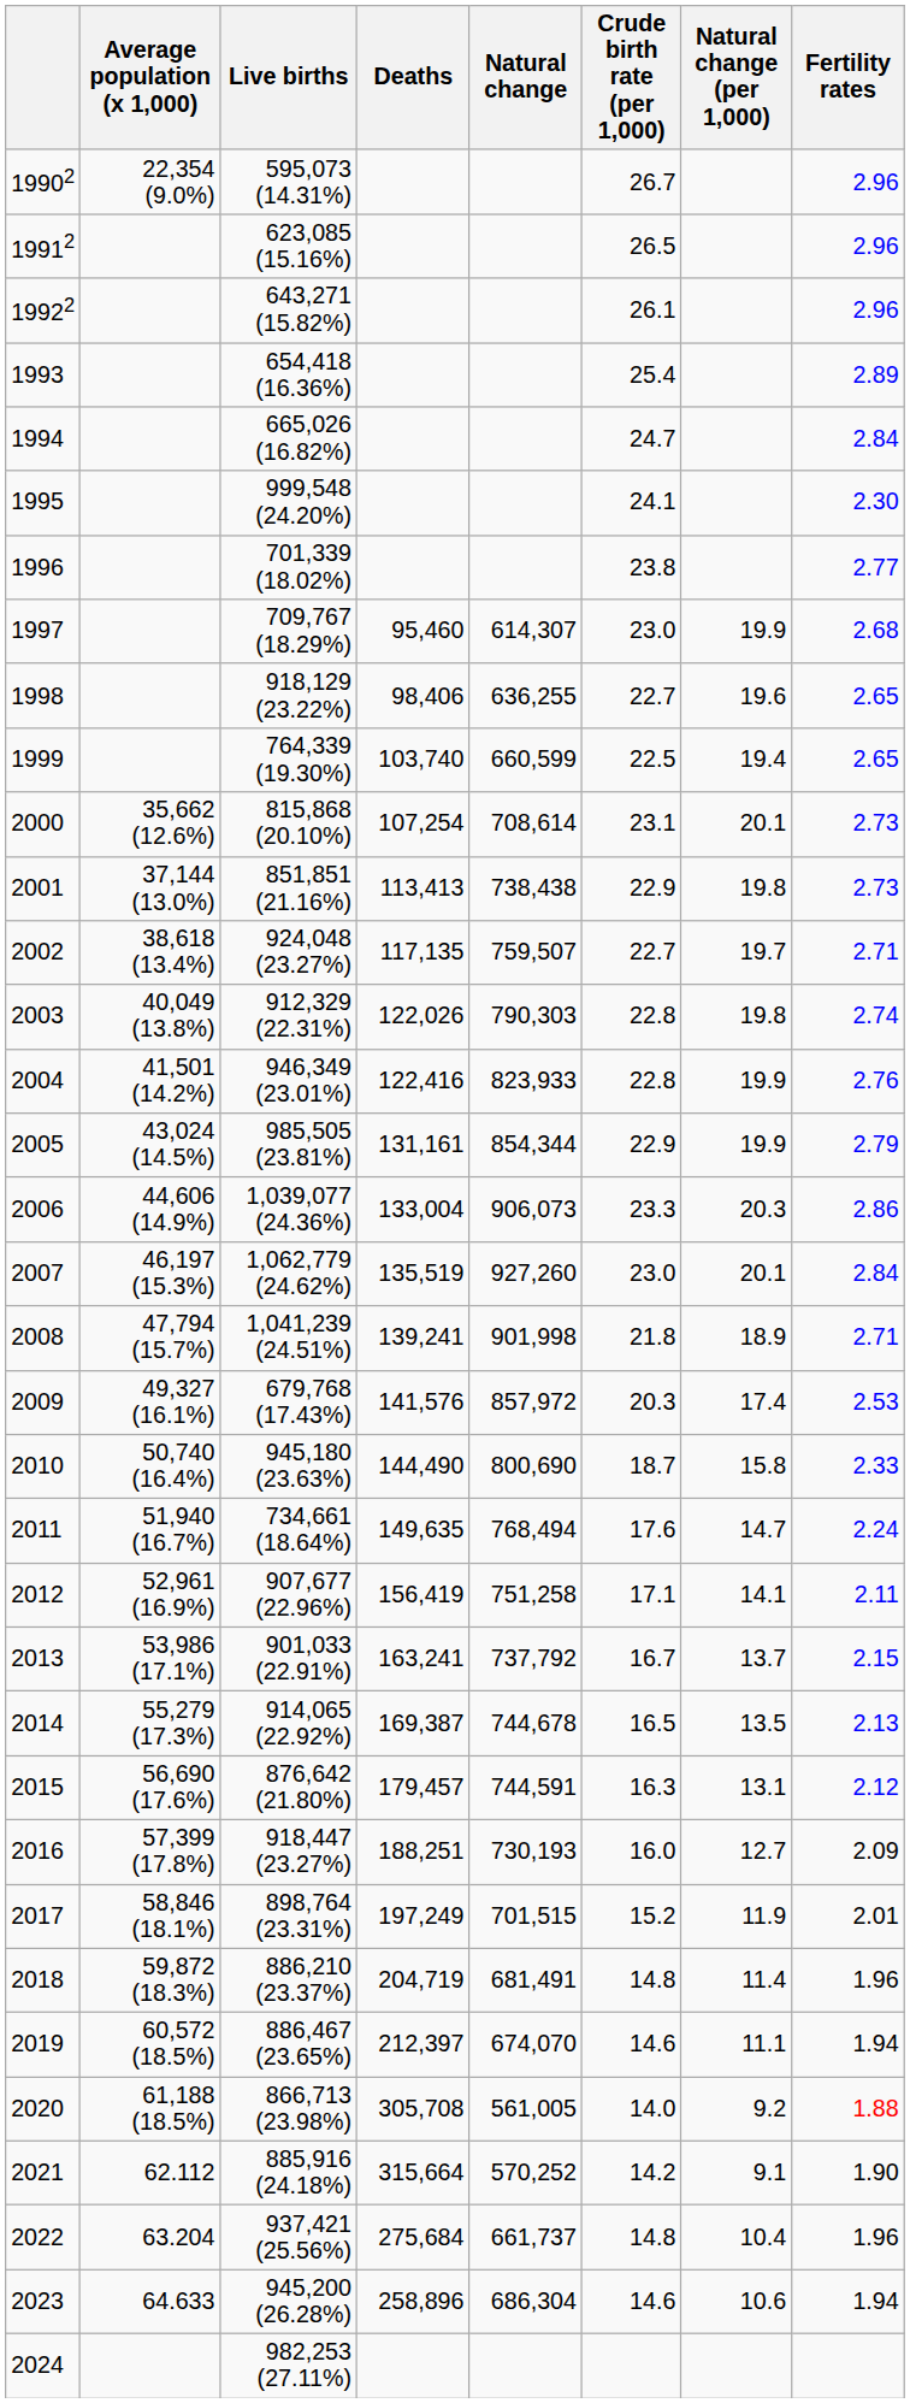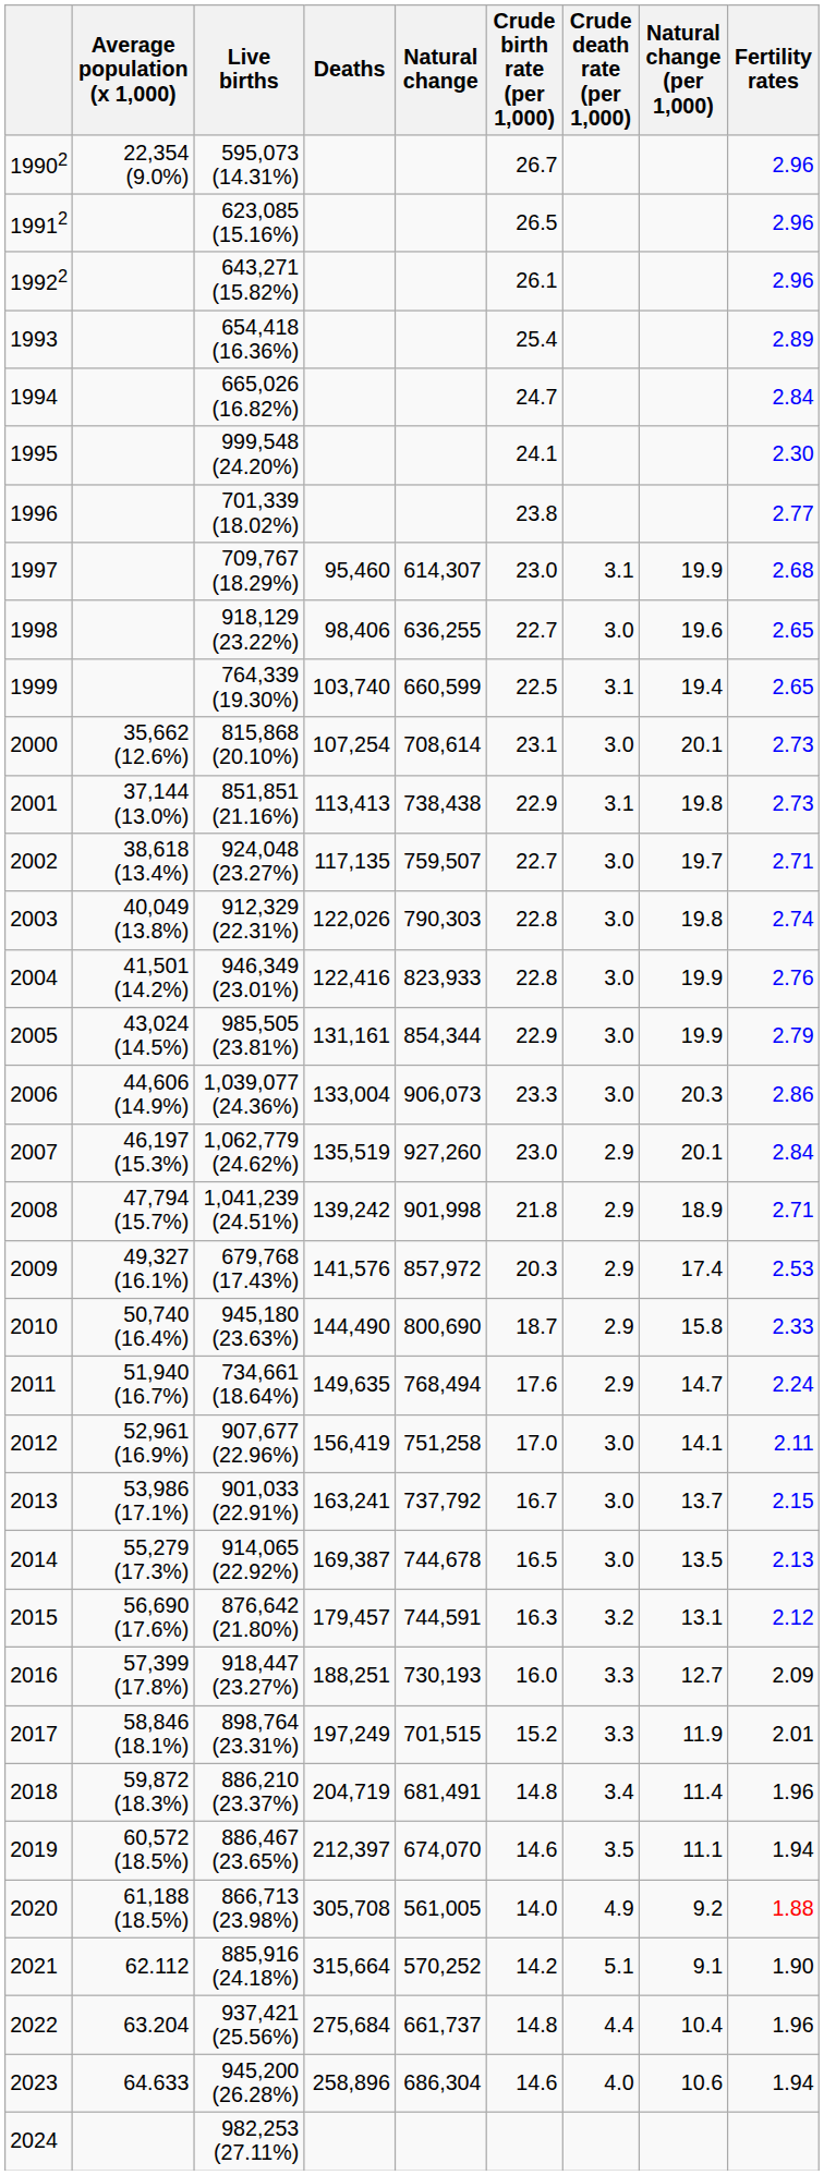 <table class="wikitable">
 <tr>
 <th></th>
 <th style="width:80pt;">Average population (x 1,000)</th>
 <th style="width:100pt;">Live births</th>
 <th style="width:80pt;">Deaths</th>
 <th style="width:80pt;">Natural change</th>
 <th style="width:80pt;">Crude birth rate (per 1,000)</th>
+<th style="width:80pt;">Crude death rate (per 1,000)</th>
 <th style="width:80pt;">Natural change (per 1,000)</th>
 <th style="width:80pt;">Fertility rates</th>
 </tr>
 <tr>
 <td>1990<sup>2</sup></td>
 <td style="text-align:right;">22,354 (9.0%)</td>
 <td style="text-align:right;">595,073 (14.31%)</td>
 <td style="text-align:right;"></td>
 <td style="text-align:right;"></td>
 <td style="text-align:right;">26.7</td>
 <td style="text-align:right;"></td>
+<td style="text-align:right;"></td>
 <td style="text-align:right; color:blue;">2.96</td>
 </tr>
 <tr>
 <td>1991<sup>2</sup></td>
 <td style="text-align:right;"></td>
 <td style="text-align:right;">623,085 (15.16%)</td>
 <td style="text-align:right;"></td>
 <td style="text-align:right;"></td>
 <td style="text-align:right;">26.5</td>
+<td style="text-align:right;"></td>
 <td style="text-align:right;"></td>
 <td style="text-align:right; color:blue;">2.96</td>
 </tr>
 <tr>
 <td>1992<sup>2</sup></td>
 <td style="text-align:right;"></td>
 <td style="text-align:right;">643,271 (15.82%)</td>
 <td style="text-align:right;"></td>
 <td style="text-align:right;"></td>
 <td style="text-align:right;">26.1</td>
 <td style="text-align:right;"></td>
+<td style="text-align:right;"></td>
 <td style="text-align:right; color:blue;">2.96</td>
 </tr>
 <tr>
 <td>1993</td>
 <td style="text-align:right;"></td>
 <td style="text-align:right;">654,418 (16.36%)</td>
 <td style="text-align:right;"></td>
 <td style="text-align:right;"></td>
 <td style="text-align:right;">25.4</td>
+<td style="text-align:right;"></td>
 <td style="text-align:right;"></td>
 <td style="text-align:right; color:blue;">2.89</td>
 </tr>
 <tr>
 <td>1994</td>
 <td style="text-align:right;"></td>
 <td style="text-align:right;">665,026 (16.82%)</td>
 <td style="text-align:right;"></td>
 <td style="text-align:right;"></td>
 <td style="text-align:right;">24.7</td>
 <td style="text-align:right;"></td>
+<td style="text-align:right;"></td>
 <td style="text-align:right; color:blue;">2.84</td>
 </tr>
 <tr>
 <td>1995</td>
 <td style="text-align:right;"></td>
 <td style="text-align:right;">999,548 (24.20%)</td>
 <td style="text-align:right;"></td>
 <td style="text-align:right;"></td>
 <td style="text-align:right;">24.1</td>
+<td style="text-align:right;"></td>
 <td style="text-align:right;"></td>
 <td style="text-align:right; color:blue;">2.30</td>
 </tr>
 <tr>
 <td>1996</td>
 <td style="text-align:right;"></td>
 <td style="text-align:right;">701,339 (18.02%)</td>
 <td style="text-align:right;"></td>
 <td style="text-align:right;"></td>
 <td style="text-align:right;">23.8</td>
 <td style="text-align:right;"></td>
+<td style="text-align:right;"></td>
 <td style="text-align:right; color:blue;">2.77</td>
 </tr>
 <tr>
 <td>1997</td>
 <td style="text-align:right;"></td>
 <td style="text-align:right;">709,767 (18.29%)</td>
 <td style="text-align:right;">95,460</td>
 <td style="text-align:right;">614,307</td>
 <td style="text-align:right;">23.0</td>
+<td style="text-align:right;">3.1</td>
 <td style="text-align:right;">19.9</td>
 <td style="text-align:right; color:blue;">2.68</td>
 </tr>
 <tr>
 <td>1998</td>
 <td style="text-align:right;"></td>
 <td style="text-align:right;">918,129 (23.22%)</td>
 <td style="text-align:right;">98,406</td>
 <td style="text-align:right;">636,255</td>
 <td style="text-align:right;">22.7</td>
+<td style="text-align:right;">3.0</td>
 <td style="text-align:right;">19.6</td>
 <td style="text-align:right; color:blue;">2.65</td>
 </tr>
 <tr>
 <td>1999</td>
 <td style="text-align:right;"></td>
 <td style="text-align:right;">764,339 (19.30%)</td>
 <td style="text-align:right;">103,740</td>
 <td style="text-align:right;">660,599</td>
 <td style="text-align:right;">22.5</td>
+<td style="text-align:right;">3.1</td>
 <td style="text-align:right;">19.4</td>
 <td style="text-align:right; color:blue;">2.65</td>
 </tr>
 <tr>
 <td>2000</td>
 <td style="text-align:right;">35,662 (12.6%)</td>
 <td style="text-align:right;">815,868 (20.10%)</td>
 <td style="text-align:right;">107,254</td>
 <td style="text-align:right;">708,614</td>
 <td style="text-align:right;">23.1</td>
+<td style="text-align:right;">3.0</td>
 <td style="text-align:right;">20.1</td>
 <td style="text-align:right; color:blue;">2.73</td>
 </tr>
 <tr>
 <td>2001</td>
 <td style="text-align:right;">37,144 (13.0%)</td>
 <td style="text-align:right;">851,851 (21.16%)</td>
 <td style="text-align:right;">113,413</td>
 <td style="text-align:right;">738,438</td>
 <td style="text-align:right;">22.9</td>
+<td style="text-align:right;">3.1</td>
 <td style="text-align:right;">19.8</td>
 <td style="text-align:right; color:blue;">2.73</td>
 </tr>
 <tr>
 <td>2002</td>
 <td style="text-align:right;">38,618 (13.4%)</td>
 <td style="text-align:right;">924,048 (23.27%)</td>
 <td style="text-align:right;">117,135</td>
 <td style="text-align:right;">759,507</td>
 <td style="text-align:right;">22.7</td>
+<td style="text-align:right;">3.0</td>
 <td style="text-align:right;">19.7</td>
 <td style="text-align:right; color:blue;">2.71</td>
 </tr>
 <tr>
 <td>2003</td>
 <td style="text-align:right;">40,049 (13.8%)</td>
 <td style="text-align:right;">912,329 (22.31%)</td>
 <td style="text-align:right;">122,026</td>
 <td style="text-align:right;">790,303</td>
 <td style="text-align:right;">22.8</td>
+<td style="text-align:right;">3.0</td>
 <td style="text-align:right;">19.8</td>
 <td style="text-align:right; color:blue;">2.74</td>
 </tr>
 <tr>
 <td>2004</td>
 <td style="text-align:right;">41,501 (14.2%)</td>
 <td style="text-align:right;">946,349 (23.01%)</td>
 <td style="text-align:right;">122,416</td>
 <td style="text-align:right;">823,933</td>
 <td style="text-align:right;">22.8</td>
+<td style="text-align:right;">3.0</td>
 <td style="text-align:right;">19.9</td>
 <td style="text-align:right; color:blue;">2.76</td>
 </tr>
 <tr>
 <td>2005</td>
 <td style="text-align:right;">43,024 (14.5%)</td>
 <td style="text-align:right;">985,505 (23.81%)</td>
 <td style="text-align:right;">131,161</td>
 <td style="text-align:right;">854,344</td>
 <td style="text-align:right;">22.9</td>
+<td style="text-align:right;">3.0</td>
 <td style="text-align:right;">19.9</td>
 <td style="text-align:right; color:blue;">2.79</td>
 </tr>
 <tr>
 <td>2006</td>
 <td style="text-align:right;">44,606 (14.9%)</td>
 <td style="text-align:right;">1,039,077 (24.36%)</td>
 <td style="text-align:right;">133,004</td>
 <td style="text-align:right;">906,073</td>
 <td style="text-align:right;">23.3</td>
+<td style="text-align:right;">3.0</td>
 <td style="text-align:right;">20.3</td>
 <td style="text-align:right; color:blue;">2.86</td>
 </tr>
 <tr>
 <td>2007</td>
 <td style="text-align:right;">46,197 (15.3%)</td>
 <td style="text-align:right;">1,062,779 (24.62%)</td>
 <td style="text-align:right;">135,519</td>
 <td style="text-align:right;">927,260</td>
 <td style="text-align:right;">23.0</td>
+<td style="text-align:right;">2.9</td>
 <td style="text-align:right;">20.1</td>
 <td style="text-align:right; color:blue;">2.84</td>
 </tr>
 <tr>
 <td>2008</td>
 <td style="text-align:right;">47,794 (15.7%)</td>
 <td style="text-align:right;">1,041,239 (24.51%)</td>
-<td style="text-align:right;">139,241</td>
+<td style="text-align:right;">139,242</td>
 <td style="text-align:right;">901,998</td>
 <td style="text-align:right;">21.8</td>
+<td style="text-align:right;">2.9</td>
 <td style="text-align:right;">18.9</td>
 <td style="text-align:right; color:blue;">2.71</td>
 </tr>
 <tr>
 <td>2009</td>
 <td style="text-align:right;">49,327 (16.1%)</td>
 <td style="text-align:right;">679,768 (17.43%)</td>
 <td style="text-align:right;">141,576</td>
 <td style="text-align:right;">857,972</td>
 <td style="text-align:right;">20.3</td>
+<td style="text-align:right;">2.9</td>
 <td style="text-align:right;">17.4</td>
 <td style="text-align:right; color:blue;">2.53</td>
 </tr>
 <tr>
 <td>2010</td>
 <td style="text-align:right;">50,740 (16.4%)</td>
 <td style="text-align:right;">945,180 (23.63%)</td>
 <td style="text-align:right;">144,490</td>
 <td style="text-align:right;">800,690</td>
 <td style="text-align:right;">18.7</td>
+<td style="text-align:right;">2.9</td>
 <td style="text-align:right;">15.8</td>
 <td style="text-align:right; color:blue;">2.33</td>
 </tr>
 <tr>
 <td>2011</td>
 <td style="text-align:right;">51,940 (16.7%)</td>
 <td style="text-align:right;">734,661 (18.64%)</td>
 <td style="text-align:right;">149,635</td>
 <td style="text-align:right;">768,494</td>
 <td style="text-align:right;">17.6</td>
+<td style="text-align:right;">2.9</td>
 <td style="text-align:right;">14.7</td>
 <td style="text-align:right; color:blue;">2.24</td>
 </tr>
 <tr>
 <td>2012</td>
 <td style="text-align:right;">52,961 (16.9%)</td>
 <td style="text-align:right;">907,677 (22.96%)</td>
 <td style="text-align:right;">156,419</td>
 <td style="text-align:right;">751,258</td>
-<td style="text-align:right;">17.1</td>
+<td style="text-align:right;">17.0</td>
+<td style="text-align:right;">3.0</td>
 <td style="text-align:right;">14.1</td>
 <td style="text-align:right; color:blue;">2.11</td>
 </tr>
 <tr>
 <td>2013</td>
 <td style="text-align:right;">53,986 (17.1%)</td>
 <td style="text-align:right;">901,033 (22.91%)</td>
 <td style="text-align:right;">163,241</td>
 <td style="text-align:right;">737,792</td>
 <td style="text-align:right;">16.7</td>
+<td style="text-align:right;">3.0</td>
 <td style="text-align:right;">13.7</td>
 <td style="text-align:right; color:blue;">2.15</td>
 </tr>
 <tr>
 <td>2014</td>
 <td style="text-align:right;">55,279 (17.3%)</td>
 <td style="text-align:right;">914,065 (22.92%)</td>
 <td style="text-align:right;">169,387</td>
 <td style="text-align:right;">744,678</td>
 <td style="text-align:right">16.5</td>
+<td style="text-align:right;">3.0</td>
 <td style="text-align:right;">13.5</td>
 <td style="text-align:right; color:blue;">2.13</td>
 </tr>
 <tr>
 <td>2015</td>
 <td style="text-align:right;">56,690 (17.6%)</td>
 <td style="text-align:right;">876,642 (21.80%)</td>
 <td style="text-align:right;">179,457</td>
 <td style="text-align:right;">744,591</td>
 <td style="text-align:right">16.3</td>
+<td style="text-align:right;">3.2</td>
 <td style="text-align:right;">13.1</td>
 <td style="text-align:right; color:blue;">2.12</td>
 </tr>
 <tr>
 <td>2016</td>
 <td style="text-align:right;">57,399 (17.8%)</td>
 <td style="text-align:right;">918,447 (23.27%)</td>
 <td style="text-align:right;">188,251</td>
 <td style="text-align:right;">730,193</td>
 <td style="text-align:right">16.0</td>
+<td style="text-align:right;">3.3</td>
 <td style="text-align:right;">12.7</td>
 <td style="text-align:right;">2.09</td>
 </tr>
 <tr>
 <td>2017</td>
 <td style="text-align:right;">58,846 (18.1%)</td>
 <td style="text-align:right;">898,764 (23.31%)</td>
 <td style="text-align:right;">197,249</td>
 <td style="text-align:right;">701,515</td>
 <td style="text-align:right">15.2</td>
+<td style="text-align:right;">3.3</td>
 <td style="text-align:right;">11.9</td>
 <td style="text-align:right;">2.01</td>
 </tr>
 <tr>
 <td>2018</td>
 <td style="text-align:right;">59,872 (18.3%)</td>
 <td style="text-align:right;">886,210 (23.37%)</td>
 <td style="text-align:right;">204,719</td>
 <td style="text-align:right;">681,491</td>
 <td style="text-align:right;">14.8</td>
+<td style="text-align:right;">3.4</td>
 <td style="text-align:right;">11.4</td>
 <td style="text-align:right;">1.96</td>
 </tr>
 <tr>
 <td>2019</td>
 <td style="text-align:right;">60,572 (18.5%)</td>
 <td style="text-align:right;">886,467 (23.65%)</td>
 <td style="text-align:right;">212,397</td>
 <td style="text-align:right;">674,070</td>
 <td style="text-align:right;">14.6</td>
+<td style="text-align:right;">3.5</td>
 <td style="text-align:right;">11.1</td>
 <td style="text-align:right;">1.94</td>
 </tr>
 <tr>
 <td>2020</td>
 <td style="text-align:right;">61,188 (18.5%)</td>
 <td style="text-align:right;">866,713 (23.98%)</td>
 <td style="text-align:right;">305,708</td>
 <td style="text-align:right;">561,005</td>
 <td style="text-align:right;">14.0</td>
+<td style="text-align:right;">4.9</td>
 <td style="text-align:right;">9.2</td>
 <td style="text-align:right; color:red;">1.88</td>
 </tr>
 <tr>
 <td>2021</td>
 <td style="text-align:right;">62.112</td>
 <td style="text-align:right;">885,916 (24.18%)</td>
 <td style="text-align:right;">315,664</td>
 <td style="text-align:right;">570,252</td>
 <td style="text-align:right;">14.2</td>
+<td style="text-align:right;">5.1</td>
 <td style="text-align:right;">9.1</td>
 <td style="text-align:right;">1.90</td>
 </tr>
 <tr>
 <td>2022</td>
 <td style="text-align:right;">63.204</td>
 <td style="text-align:right;">937,421 (25.56%)</td>
 <td style="text-align:right;">275,684</td>
 <td style="text-align:right;">661,737</td>
 <td style="text-align:right;">14.8</td>
+<td style="text-align:right;">4.4</td>
 <td style="text-align:right;">10.4</td>
 <td style="text-align:right;">1.96</td>
 </tr>
 <tr>
 <td>2023</td>
 <td style="text-align:right;">64.633</td>
 <td style="text-align:right;">945,200 (26.28%)</td>
 <td style="text-align:right;">258,896</td>
 <td style="text-align:right;">686,304</td>
 <td style="text-align:right;">14.6</td>
+<td style="text-align:right;">4.0</td>
 <td style="text-align:right;">10.6</td>
 <td style="text-align:right;">1.94</td>
 </tr>
 <tr>
 <td>2024</td>
 <td style="text-align:right;"></td>
 <td style="text-align:right;">982,253 (27.11%)</td>
 <td style="text-align:right;"></td>
 <td style="text-align:right;"></td>
 <td style="text-align:right;"></td>
 <td style="text-align:right;"></td>
 <td style="text-align:right;"></td>
+<td style="text-align:right;"></td>
 </tr>
 </table>
